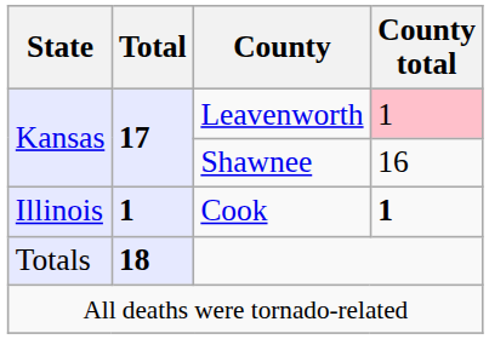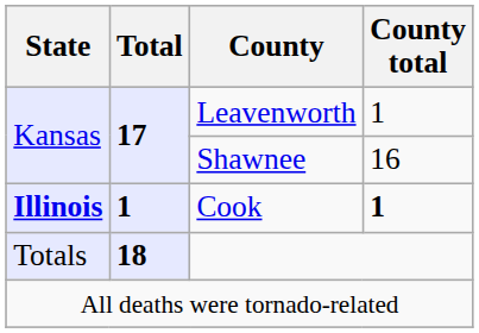 <table class="wikitable" style="margin:0 0 0.5em 1em;float:right;">
 <tr>
 <th><strong>State</strong></th>
 <th><strong>Total</strong></th>
 <th><strong>County</strong></th>
 <th><strong>County<br>total</strong></th>
 </tr>
 <tr>
 <td rowspan="2" style="background:#e6e9ff;"><a href='#'>Kansas</a></td>
 <td rowspan="2" style="background:#e6e9ff;"><strong>17</strong></td>
 <td><a href='#'>Leavenworth</a></td>
-<td style="background: pink;">1</td>
+<td>1</td>
 </tr>
 <tr>
 <td><a href='#'>Shawnee</a></td>
 <td>16</td>
 </tr>
 <tr>
-<td style="background:#e6e9ff;"><a href='#'>Illinois</a></td>
+<td style="background:#e6e9ff;"><strong><a href='#'>Illinois</a></strong></td>
 <td style="background:#e6e9ff;"><strong>1</strong></td>
 <td><a href='#'>Cook</a></td>
 <td><strong>1</strong></td>
 </tr>
 <tr>
 <td style="background:#e6e9ff;">Totals</td>
 <td style="background:#e6e9ff;"><strong>18</strong></td>
 <td colspan=2></td>
 </tr>
 <tr>
 <td colspan="4" style="text-align:center;"><small>All deaths were tornado-related</small></td>
 </tr>
 </table>
